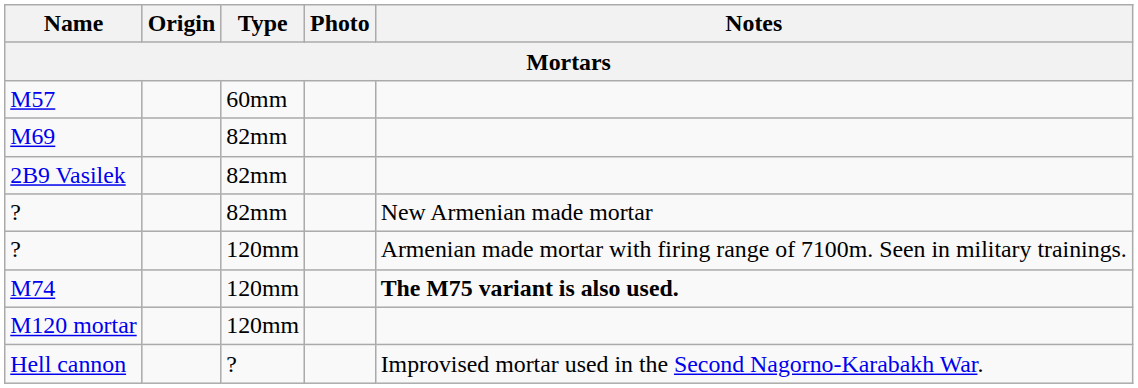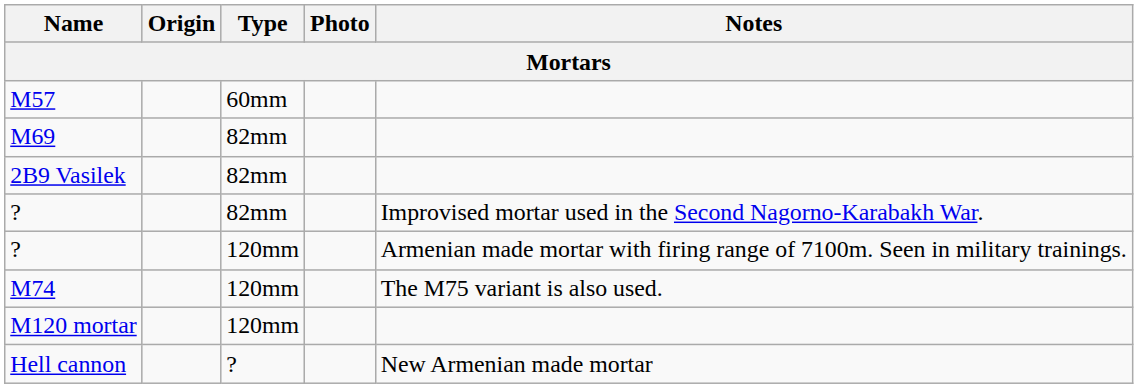 <table class="wikitable">
 <tr>
 <th style="text-align: width:13%;">Name</th>
 <th style="text-align: width:13%;">Origin</th>
 <th style="text-align: width:16%;">Type</th>
 <th style="text-align: width:9%; ">Photo</th>
 <th style="text-align: width:48%;">Notes</th>
 </tr>
 <tr>
 <th colspan="6">Mortars</th>
 </tr>
 <tr>
 <td><a href='#'>M57</a></td>
 <td></td>
 <td>60mm</td>
 <td></td>
 <td></td>
 </tr>
 <tr>
 <td><a href='#'>M69</a></td>
 <td></td>
 <td>82mm</td>
 <td></td>
 <td></td>
 </tr>
 <tr>
 <td><a href='#'>2B9 Vasilek</a></td>
 <td></td>
 <td>82mm</td>
 <td></td>
 <td></td>
 </tr>
 <tr>
 <td>?</td>
 <td></td>
 <td>82mm</td>
 <td></td>
-<td>New Armenian made mortar</td>
+<td>Improvised mortar used in the <a href='#'>Second Nagorno-Karabakh War</a>.</td>
 </tr>
 <tr>
 <td>?</td>
 <td></td>
 <td>120mm</td>
 <td></td>
 <td>Armenian made mortar with firing range of 7100m. Seen in military trainings.</td>
 </tr>
 <tr>
 <td><a href='#'>M74</a></td>
 <td></td>
 <td>120mm</td>
 <td></td>
-<td><strong>The M75 variant is also used.</strong></td>
+<td>The M75 variant is also used.</td>
 </tr>
 <tr>
 <td><a href='#'>M120 mortar</a></td>
 <td></td>
 <td>120mm</td>
 <td></td>
 <td></td>
 </tr>
 <tr>
 <td><a href='#'>Hell cannon</a></td>
 <td></td>
 <td>?</td>
 <td></td>
-<td>Improvised mortar used in the <a href='#'>Second Nagorno-Karabakh War</a>.</td>
+<td>New Armenian made mortar</td>
 </tr>
 </table>
